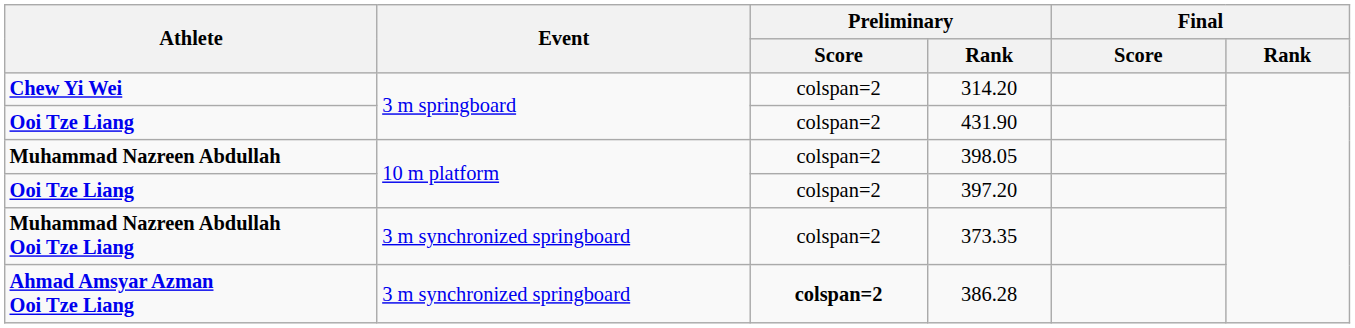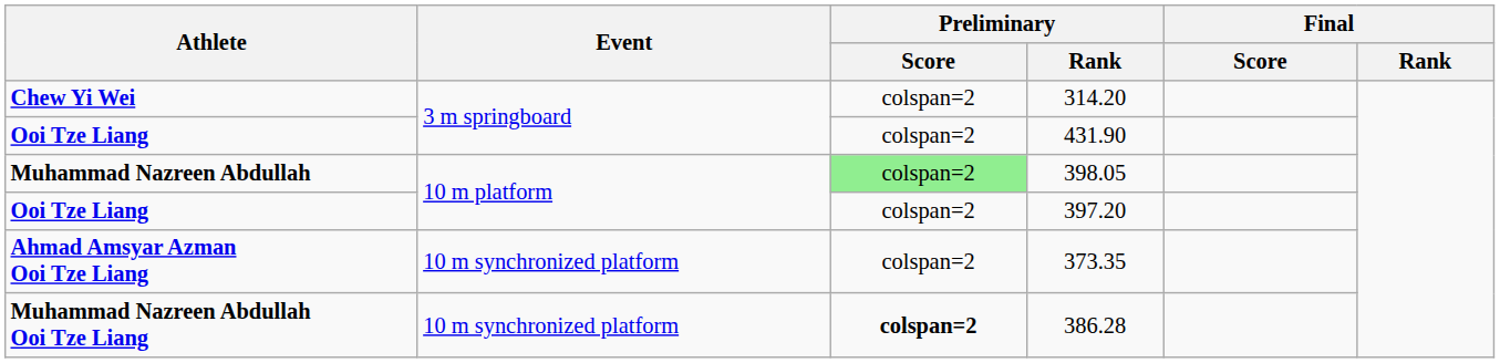 <table class="wikitable" width="75%" style="text-align:center; font-size:90%;">
 <tr>
 <th rowspan="2" width="15%">Athlete</th>
 <th rowspan="2" width="15%">Event</th>
 <th colspan="2" width="12%">Preliminary</th>
 <th colspan="2" width="12%">Final</th>
 </tr>
 <tr>
 <th width="7%">Score</th>
 <th>Rank</th>
 <th width="7%">Score</th>
 <th>Rank</th>
 </tr>
 <tr>
 <td align=left><strong><a href='#'>Chew Yi Wei</a></strong></td>
 <td align=left rowspan=2><a href='#'>3 m springboard</a></td>
 <td>colspan=2 </td>
 <td>314.20</td>
 <td></td>
 </tr>
 <tr>
 <td align=left><strong><a href='#'>Ooi Tze Liang</a></strong></td>
 <td>colspan=2 </td>
 <td>431.90</td>
 <td></td>
 </tr>
 <tr>
 <td align=left><strong>Muhammad Nazreen Abdullah</strong></td>
 <td align=left rowspan=2><a href='#'>10 m platform</a></td>
-<td>colspan=2 </td>
+<td style="background: lightgreen;">colspan=2 </td>
 <td>398.05</td>
 <td></td>
 </tr>
 <tr>
 <td align=left><strong><a href='#'>Ooi Tze Liang</a></strong></td>
 <td>colspan=2 </td>
 <td>397.20</td>
 <td></td>
 </tr>
 <tr>
-<td align=left><strong>Muhammad Nazreen Abdullah<br><a href='#'>Ooi Tze Liang</a></strong></td>
-<td align=left><a href='#'>3 m synchronized springboard</a></td>
+<td align=left><strong><a href='#'>Ahmad Amsyar Azman</a><br><a href='#'>Ooi Tze Liang</a></strong></td>
+<td align=left><a href='#'>10 m synchronized platform</a></td>
 <td>colspan=2 </td>
 <td>373.35</td>
 <td></td>
 </tr>
 <tr>
-<td align=left><strong><a href='#'>Ahmad Amsyar Azman</a><br><a href='#'>Ooi Tze Liang</a></strong></td>
-<td align=left><a href='#'>3 m synchronized springboard</a></td>
+<td align=left><strong>Muhammad Nazreen Abdullah<br><a href='#'>Ooi Tze Liang</a></strong></td>
+<td align=left><a href='#'>10 m synchronized platform</a></td>
 <td><strong>colspan=2 </strong></td>
 <td>386.28</td>
 <td></td>
 </tr>
 </table>
